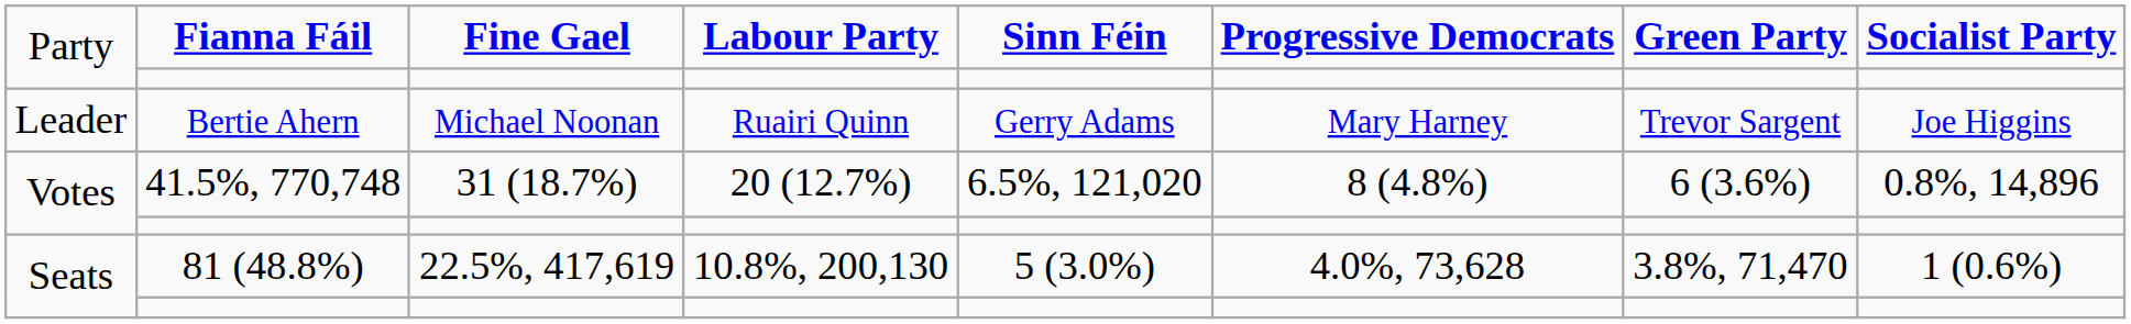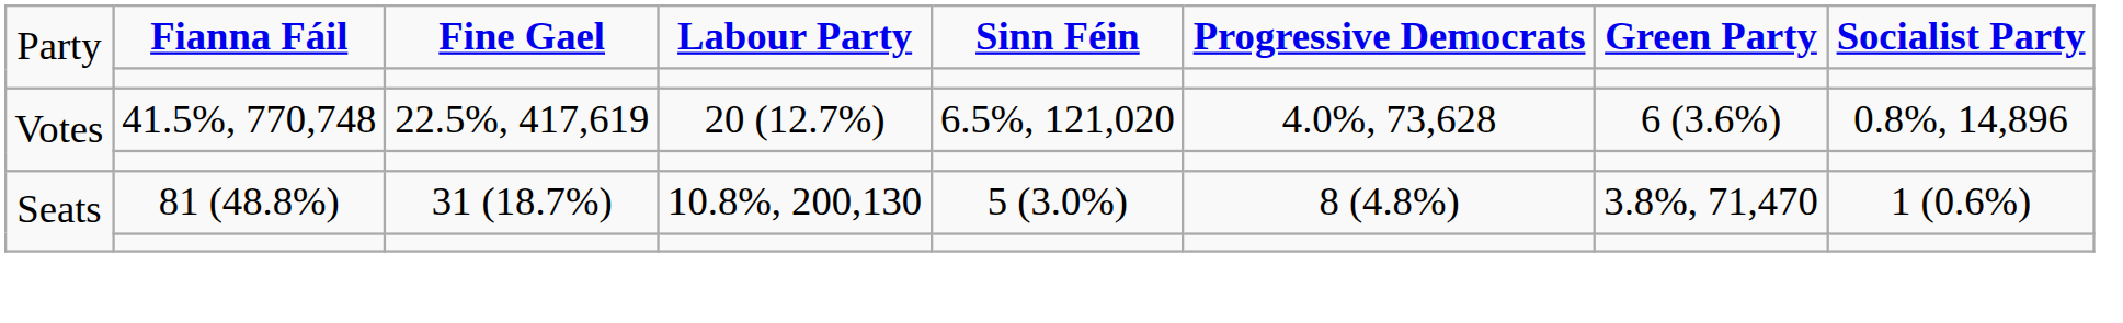 <table class="wikitable" style="padding-left:1em; text-align:center;">
 <tr>
 <td rowspan=2>Party</td>
 <td><strong><a href='#'>Fianna Fáil</a></strong></td>
 <td><strong><a href='#'>Fine Gael</a></strong></td>
 <td><strong><a href='#'>Labour Party</a></strong></td>
 <td><strong><a href='#'>Sinn Féin</a></strong></td>
 <td><strong><a href='#'>Progressive Democrats</a></strong></td>
 <td><strong><a href='#'>Green Party</a></strong></td>
 <td><strong><a href='#'>Socialist Party</a></strong></td>
 </tr>
 <tr>
 <td style="background:"></td>
 <td style="background:"></td>
 <td style="background:"></td>
 <td style="background:"></td>
 <td style="background:"></td>
 <td style="background:"></td>
 <td style="background:"></td>
 </tr>
 <tr>
-<td>Leader</td>
-<td><small><a href='#'>Bertie Ahern</a></small></td>
-<td><small><a href='#'>Michael Noonan</a></small></td>
-<td><small><a href='#'>Ruairi Quinn</a></small></td>
-<td><small><a href='#'>Gerry Adams</a></small></td>
-<td><small><a href='#'>Mary Harney</a></small></td>
-<td><small><a href='#'>Trevor Sargent</a></small></td>
-<td><small><a href='#'>Joe Higgins</a></small></td>
-</tr>
-<tr>
 <td rowspan=2>Votes</td>
 <td>41.5%, 770,748</td>
-<td>31 (18.7%)</td>
+<td>22.5%, 417,619</td>
 <td>20 (12.7%)</td>
 <td>6.5%, 121,020</td>
-<td>8 (4.8%)</td>
+<td>4.0%, 73,628</td>
 <td>6 (3.6%)</td>
 <td>0.8%, 14,896</td>
 </tr>
 <tr>
 <td></td>
 <td></td>
 <td></td>
 <td></td>
 <td></td>
 <td></td>
 <td></td>
 </tr>
 <tr>
 <td rowspan=2>Seats</td>
 <td>81 (48.8%)</td>
-<td>22.5%, 417,619</td>
+<td>31 (18.7%)</td>
 <td>10.8%, 200,130</td>
 <td>5 (3.0%)</td>
-<td>4.0%, 73,628</td>
+<td>8 (4.8%)</td>
 <td>3.8%, 71,470</td>
 <td>1 (0.6%)</td>
 </tr>
 <tr>
 <td></td>
 <td></td>
 <td></td>
 <td></td>
 <td></td>
 <td></td>
 <td></td>
 </tr>
 </table>
